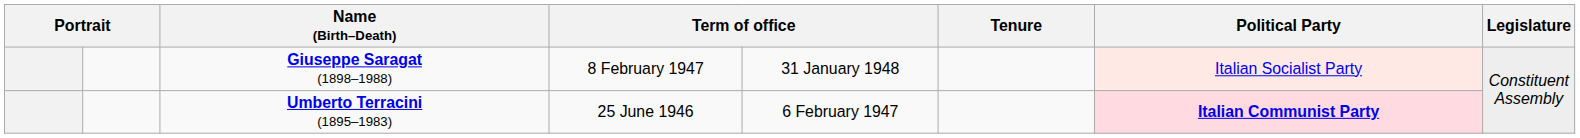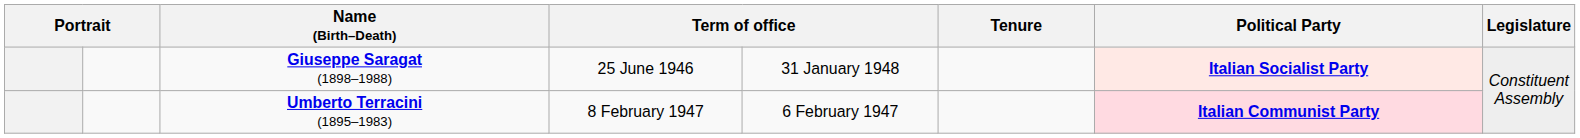 <table class="wikitable" style="text-align:center; width:80%; border:1px #AAAAFF solid">
 <tr>
 <th colspan=2 width=10%>Portrait</th>
 <th width=25%>Name<br><small>(Birth–Death)</small></th>
 <th colspan=2 width=25%>Term of office</th>
 <th width=10%>Tenure<br></th>
 <th width=25%>Political Party</th>
 <th width=10%>Legislature</th>
 </tr>
 <tr>
 <th style="background:"></th>
 <td></td>
 <td><strong><a href='#'>Giuseppe Saragat</a></strong><br><small>(1898–1988)</small></td>
-<td>8 February 1947</td>
+<td>25 June 1946</td>
 <td>31 January 1948</td>
 <td></td>
-<td bgcolor=#FFE9E5><a href='#'>Italian Socialist Party</a></td>
+<td bgcolor=#FFE9E5><strong><a href='#'>Italian Socialist Party</a></strong></td>
 <td rowspan=2 bgcolor=#EEEEEE><em>Constituent Assembly</em><br><a href='#'></a></td>
 </tr>
 <tr>
 <th style="background:"></th>
 <td></td>
 <td><strong><a href='#'>Umberto Terracini</a></strong><br><small>(1895–1983)</small></td>
-<td>25 June 1946</td>
+<td>8 February 1947</td>
 <td>6 February 1947</td>
 <td></td>
 <td bgcolor=#FFDAE1><strong><a href='#'>Italian Communist Party</a></strong></td>
 </tr>
 </table>
